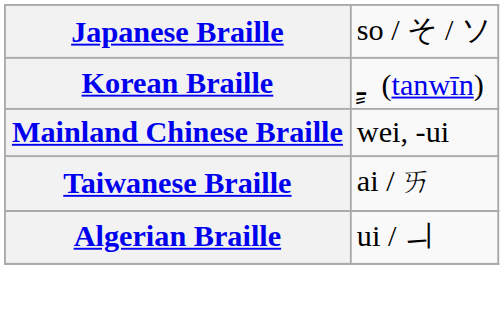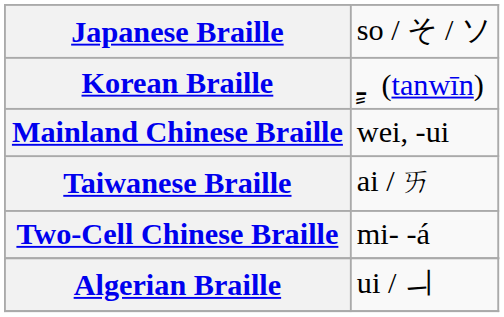 <table class="wikitable">
 <tr>
 <th align=left><a href='#'>Japanese Braille</a></th>
 <td>so / そ / ソ </td>
 </tr>
 <tr>
 <th align=left><a href='#'>Korean Braille</a></th>
 <td>ـٍ ‎ (<a href='#'>tanwīn</a>)</td>
 </tr>
 <tr>
 <th align=left><a href='#'>Mainland Chinese Braille</a></th>
 <td>wei, -ui </td>
 </tr>
 <tr>
 <th align=left><a href='#'>Taiwanese Braille</a></th>
 <td>ai / ㄞ</td>
 </tr>
 <tr>
+<th align=left><a href='#'>Two-Cell Chinese Braille</a></th>
+<td>mi- -á</td>
+</tr>
+<tr>
 </tr>
 <tr>
 </tr>
 <tr>
 <th align=left><a href='#'>Algerian Braille</a></th>
 <td>ui / ㅢ </td>
 </tr>
 <tr>
 </tr>
 </table>
